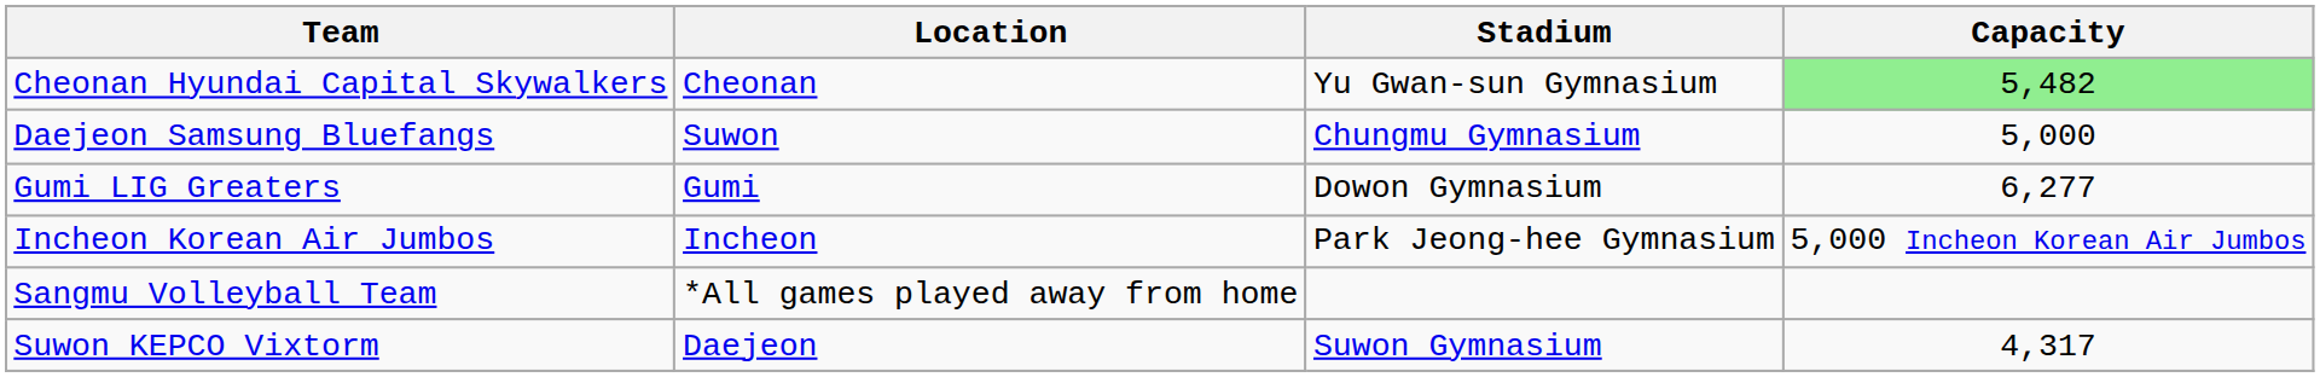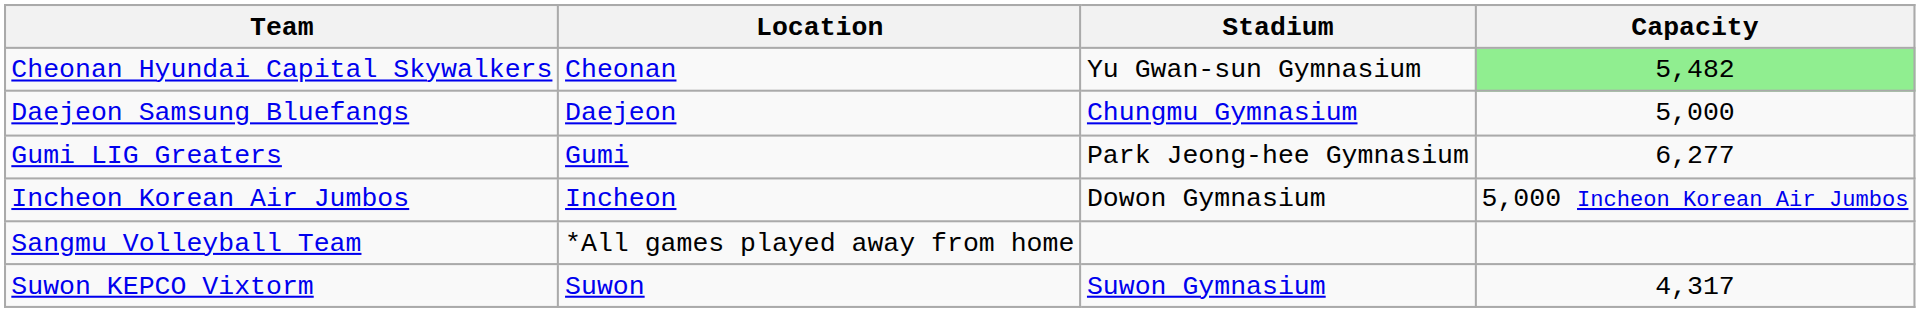 <table class="wikitable sortable" style="text-align: left;">
 <tr>
 <th>Team</th>
 <th>Location</th>
 <th>Stadium</th>
 <th>Capacity</th>
 </tr>
 <tr>
 <td><a href='#'>Cheonan Hyundai Capital Skywalkers</a></td>
 <td><a href='#'>Cheonan</a></td>
 <td>Yu Gwan-sun Gymnasium</td>
 <td align="center" style="background: lightgreen;">5,482 <small> </small></td>
 </tr>
 <tr>
 <td><a href='#'>Daejeon Samsung Bluefangs</a></td>
-<td><a href='#'>Suwon</a></td>
+<td><a href='#'>Daejeon</a></td>
 <td><a href='#'>Chungmu Gymnasium</a></td>
 <td align="center">5,000 <small> </small></td>
 </tr>
 <tr>
 <td><a href='#'>Gumi LIG Greaters</a></td>
 <td><a href='#'>Gumi</a></td>
-<td>Dowon Gymnasium</td>
+<td>Park Jeong-hee Gymnasium</td>
 <td align="center">6,277</td>
 </tr>
 <tr>
 <td><a href='#'>Incheon Korean Air Jumbos</a></td>
 <td><a href='#'>Incheon</a></td>
-<td>Park Jeong-hee Gymnasium</td>
+<td>Dowon Gymnasium</td>
 <td align="center">5,000 <small> <a href='#'>Incheon Korean Air Jumbos</a> </small></td>
 </tr>
 <tr>
 <td><a href='#'>Sangmu Volleyball Team</a></td>
 <td>*All games played away from home</td>
 <td></td>
 </tr>
 <tr>
 <td><a href='#'>Suwon KEPCO Vixtorm</a></td>
-<td><a href='#'>Daejeon</a></td>
+<td><a href='#'>Suwon</a></td>
 <td><a href='#'>Suwon Gymnasium</a></td>
 <td align="center">4,317 <small> </small></td>
 </tr>
 </table>
